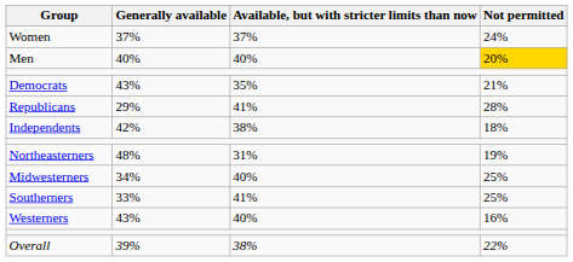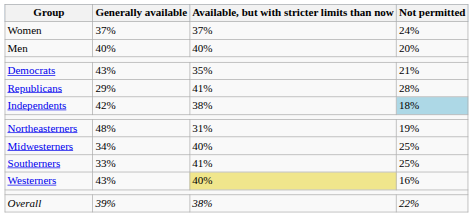 <table class="wikitable" style="margin:1em auto;">
 <tr style="background:#a0d0ff;">
 <th>Group</th>
 <th>Generally available</th>
 <th>Available, but with stricter limits than now</th>
 <th>Not permitted</th>
 </tr>
 <tr>
 <td width=120>Women</td>
 <td>37%</td>
 <td>37%</td>
 <td>24%</td>
 </tr>
 <tr>
 <td width=120>Men</td>
 <td>40%</td>
 <td>40%</td>
-<td style="background: gold;">20%</td>
+<td>20%</td>
 </tr>
 <tr>
 <td colspan="4"></td>
 </tr>
 <tr>
 <td width=120><a href='#'>Democrats</a></td>
 <td>43%</td>
 <td>35%</td>
 <td>21%</td>
 </tr>
 <tr>
 <td width=120><a href='#'>Republicans</a></td>
 <td>29%</td>
 <td>41%</td>
 <td>28%</td>
 </tr>
 <tr>
 <td width=120><a href='#'>Independents</a></td>
 <td>42%</td>
 <td>38%</td>
-<td>18%</td>
+<td style="background: lightblue;">18%</td>
 </tr>
 <tr>
 <td colspan="4"></td>
 </tr>
 <tr>
 <td width=120><a href='#'>Northeasterners</a></td>
 <td>48%</td>
 <td>31%</td>
 <td>19%</td>
 </tr>
 <tr>
 <td width=120><a href='#'>Midwesterners</a></td>
 <td>34%</td>
 <td>40%</td>
 <td>25%</td>
 </tr>
 <tr>
 <td width=120><a href='#'>Southerners</a></td>
 <td>33%</td>
 <td>41%</td>
 <td>25%</td>
 </tr>
 <tr>
 <td width=120><a href='#'>Westerners</a></td>
 <td>43%</td>
-<td>40%</td>
+<td style="background: khaki;">40%</td>
 <td>16%</td>
 </tr>
 <tr>
 <td colspan="4"></td>
 </tr>
 <tr>
 <td width="120"><em>Overall</em></td>
 <td><em>39%</em></td>
 <td><em>38%</em></td>
 <td><em>22%</em></td>
 </tr>
 </table>
